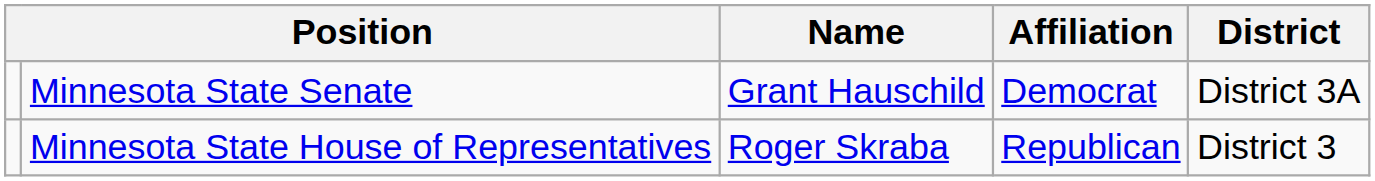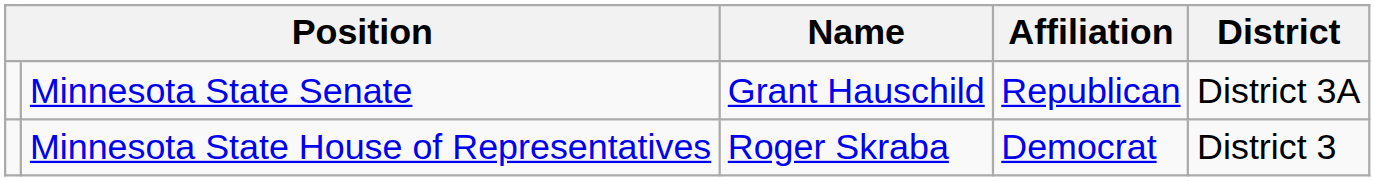 <table class="wikitable">
 <tr>
 <th colspan="2">Position</th>
 <th>Name</th>
 <th>Affiliation</th>
 <th>District</th>
 </tr>
 <tr>
 <td style="background-color:"></td>
 <td><a href='#'>Minnesota State Senate</a></td>
 <td><a href='#'>Grant Hauschild</a></td>
-<td><a href='#'>Democrat</a></td>
+<td><a href='#'>Republican</a></td>
 <td>District 3A</td>
 </tr>
 <tr>
 <td style="background-color:"></td>
 <td><a href='#'>Minnesota State House of Representatives</a></td>
 <td><a href='#'>Roger Skraba</a></td>
-<td><a href='#'>Republican</a></td>
+<td><a href='#'>Democrat</a></td>
 <td>District 3</td>
 </tr>
 </table>
